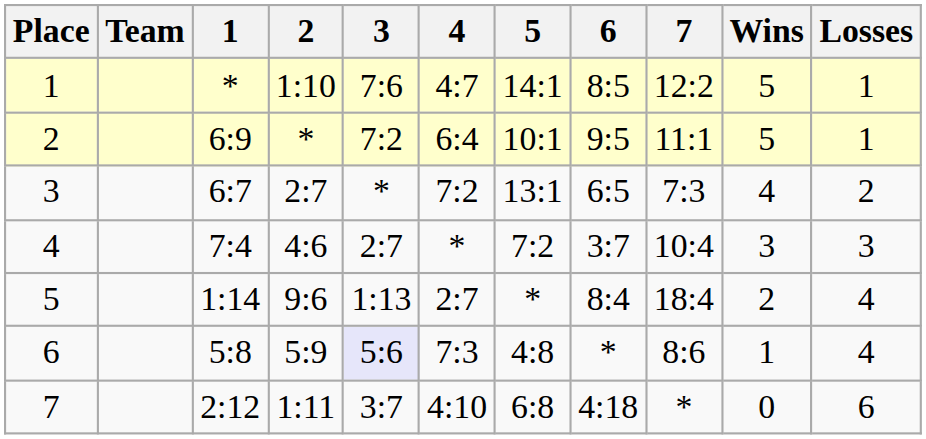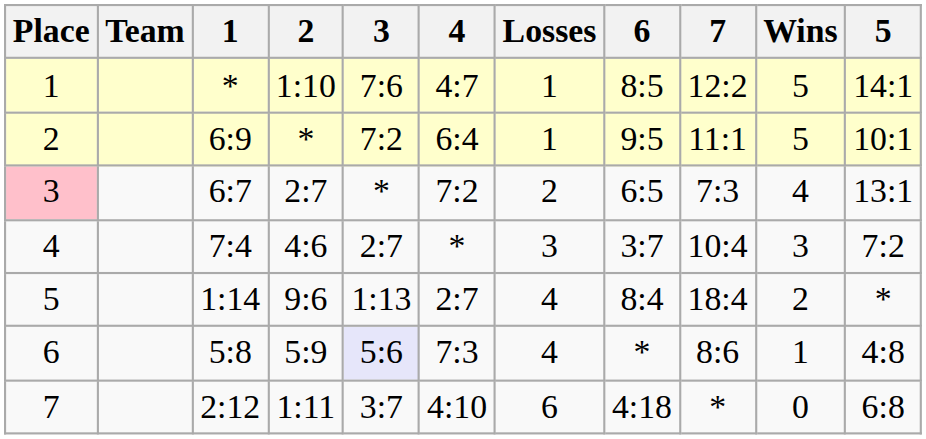 <table class="wikitable" style="text-align:center;">
 <tr>
 <th>Place</th>
 <th>Team</th>
 <th width="25">1</th>
 <th width="25">2</th>
 <th width="25">3</th>
 <th width="25">4</th>
-<th width="25">5</th>
+<th>Losses</th>
 <th width="25">6</th>
 <th width="25">7</th>
 <th>Wins</th>
-<th>Losses</th>
+<th width="25">5</th>
 </tr>
 <tr bgcolor=#ffc>
 <td>1</td>
 <td align=left></td>
 <td>*</td>
 <td>1:10</td>
 <td>7:6</td>
 <td>4:7</td>
-<td>14:1</td>
+<td>1</td>
 <td>8:5</td>
 <td>12:2</td>
 <td>5</td>
-<td>1</td>
+<td>14:1</td>
 </tr>
 <tr bgcolor=#ffc>
 <td>2</td>
 <td align=left></td>
 <td>6:9</td>
 <td>*</td>
 <td>7:2</td>
 <td>6:4</td>
-<td>10:1</td>
+<td>1</td>
 <td>9:5</td>
 <td>11:1</td>
 <td>5</td>
-<td>1</td>
+<td>10:1</td>
 </tr>
 <tr>
-<td>3</td>
+<td style="background: pink;">3</td>
 <td align=left></td>
 <td>6:7</td>
 <td>2:7</td>
 <td>*</td>
 <td>7:2</td>
-<td>13:1</td>
+<td>2</td>
 <td>6:5</td>
 <td>7:3</td>
 <td>4</td>
-<td>2</td>
+<td>13:1</td>
 </tr>
 <tr>
 <td>4</td>
 <td align=left></td>
 <td>7:4</td>
 <td>4:6</td>
 <td>2:7</td>
 <td>*</td>
-<td>7:2</td>
+<td>3</td>
 <td>3:7</td>
 <td>10:4</td>
 <td>3</td>
-<td>3</td>
+<td>7:2</td>
 </tr>
 <tr>
 <td>5</td>
 <td align=left></td>
 <td>1:14</td>
 <td>9:6</td>
 <td>1:13</td>
 <td>2:7</td>
-<td>*</td>
+<td>4</td>
 <td>8:4</td>
 <td>18:4</td>
 <td>2</td>
-<td>4</td>
+<td>*</td>
 </tr>
 <tr>
 <td>6</td>
 <td align=left></td>
 <td>5:8</td>
 <td>5:9</td>
 <td style="background: lavender;">5:6</td>
 <td>7:3</td>
-<td>4:8</td>
+<td>4</td>
 <td>*</td>
 <td>8:6</td>
 <td>1</td>
-<td>4</td>
+<td>4:8</td>
 </tr>
 <tr>
 <td>7</td>
 <td align=left></td>
 <td>2:12</td>
 <td>1:11</td>
 <td>3:7</td>
 <td>4:10</td>
-<td>6:8</td>
+<td>6</td>
 <td>4:18</td>
 <td>*</td>
 <td>0</td>
-<td>6</td>
+<td>6:8</td>
 </tr>
 </table>
